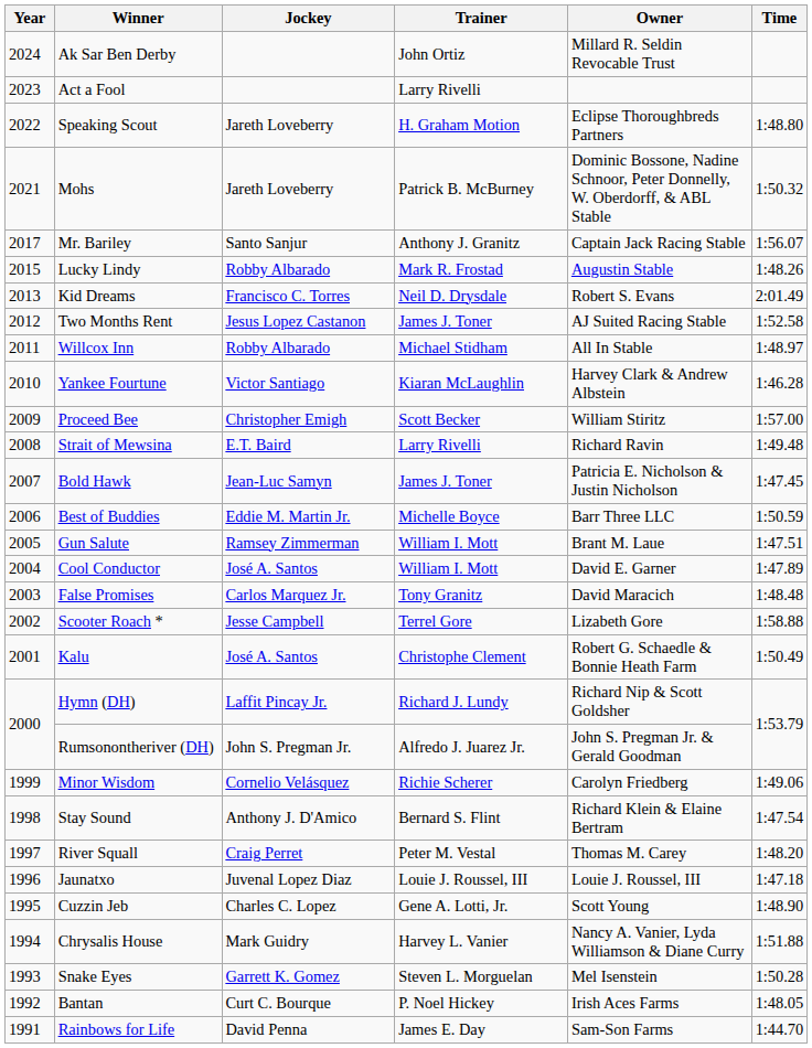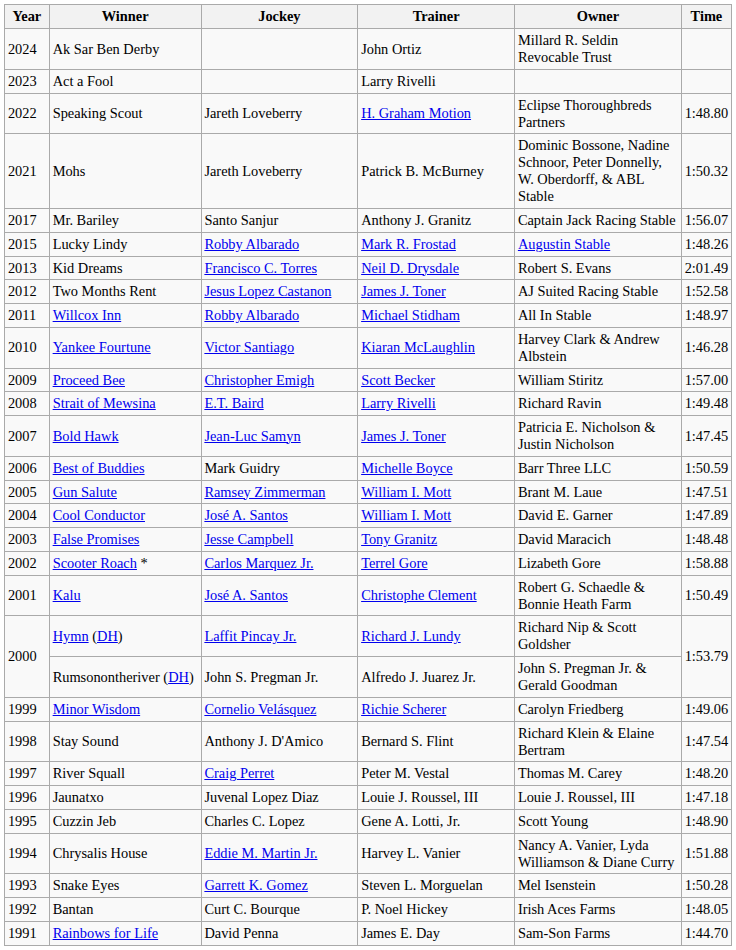 <table class="wikitable sortable" style="font-size:90%">
 <tr>
 <th style="width:38px">Year<br></th>
 <th style="width:145px">Winner<br></th>
 <th style="width:150px">Jockey<br></th>
 <th style="width:150px">Trainer<br></th>
 <th style="width:160px">Owner<br></th>
 <th>Time</th>
 </tr>
 <tr>
 <td>2024</td>
 <td>Ak Sar Ben Derby</td>
 <td></td>
 <td>John Ortiz</td>
 <td>Millard R. Seldin Revocable Trust</td>
 <td></td>
 </tr>
 <tr>
 <td>2023</td>
 <td>Act a Fool</td>
 <td></td>
 <td>Larry Rivelli</td>
 <td></td>
 <td></td>
 </tr>
 <tr>
 <td>2022</td>
 <td>Speaking Scout</td>
 <td>Jareth Loveberry</td>
 <td><a href='#'>H. Graham Motion</a></td>
 <td>Eclipse Thoroughbreds Partners</td>
 <td>1:48.80</td>
 </tr>
 <tr>
 <td>2021</td>
 <td>Mohs</td>
 <td>Jareth Loveberry</td>
 <td>Patrick B. McBurney</td>
 <td>Dominic Bossone, Nadine Schnoor, Peter Donnelly, W. Oberdorff, & ABL Stable</td>
 <td>1:50.32</td>
 </tr>
 <tr>
 <td>2017</td>
 <td>Mr. Bariley</td>
 <td>Santo Sanjur</td>
 <td>Anthony J. Granitz</td>
 <td>Captain Jack Racing Stable</td>
 <td>1:56.07</td>
 </tr>
 <tr>
 <td>2015</td>
 <td>Lucky Lindy</td>
 <td><a href='#'>Robby Albarado</a></td>
 <td><a href='#'>Mark R. Frostad</a></td>
 <td><a href='#'>Augustin Stable</a></td>
 <td>1:48.26</td>
 </tr>
 <tr>
 <td>2013</td>
 <td>Kid Dreams</td>
 <td><a href='#'>Francisco C. Torres</a></td>
 <td><a href='#'>Neil D. Drysdale</a></td>
 <td>Robert S. Evans</td>
 <td>2:01.49</td>
 </tr>
 <tr>
 <td>2012</td>
 <td>Two Months Rent</td>
 <td><a href='#'>Jesus Lopez Castanon</a></td>
 <td><a href='#'>James J. Toner</a></td>
 <td>AJ Suited Racing Stable</td>
 <td>1:52.58</td>
 </tr>
 <tr>
 <td>2011</td>
 <td><a href='#'>Willcox Inn</a></td>
 <td><a href='#'>Robby Albarado</a></td>
 <td><a href='#'>Michael Stidham</a></td>
 <td>All In Stable</td>
 <td>1:48.97</td>
 </tr>
 <tr>
 <td>2010</td>
 <td><a href='#'>Yankee Fourtune</a></td>
 <td><a href='#'>Victor Santiago</a></td>
 <td><a href='#'>Kiaran McLaughlin</a></td>
 <td>Harvey Clark & Andrew Albstein</td>
 <td>1:46.28</td>
 </tr>
 <tr>
 <td>2009</td>
 <td><a href='#'>Proceed Bee</a></td>
 <td><a href='#'>Christopher Emigh</a></td>
 <td><a href='#'>Scott Becker</a></td>
 <td>William Stiritz</td>
 <td>1:57.00</td>
 </tr>
 <tr>
 <td>2008</td>
 <td><a href='#'>Strait of Mewsina</a></td>
 <td><a href='#'>E.T. Baird</a></td>
 <td><a href='#'>Larry Rivelli</a></td>
 <td>Richard Ravin</td>
 <td>1:49.48</td>
 </tr>
 <tr>
 <td>2007</td>
 <td><a href='#'>Bold Hawk</a></td>
 <td><a href='#'>Jean-Luc Samyn</a></td>
 <td><a href='#'>James J. Toner</a></td>
 <td>Patricia E. Nicholson & Justin Nicholson</td>
 <td>1:47.45</td>
 </tr>
 <tr>
 <td>2006</td>
 <td><a href='#'>Best of Buddies</a></td>
-<td><a href='#'>Eddie M. Martin Jr.</a></td>
+<td>Mark Guidry</td>
 <td><a href='#'>Michelle Boyce</a></td>
 <td>Barr Three LLC</td>
 <td>1:50.59</td>
 </tr>
 <tr>
 <td>2005</td>
 <td><a href='#'>Gun Salute</a></td>
 <td><a href='#'>Ramsey Zimmerman</a></td>
 <td><a href='#'>William I. Mott</a></td>
 <td>Brant M. Laue</td>
 <td>1:47.51</td>
 </tr>
 <tr>
 <td>2004</td>
 <td><a href='#'>Cool Conductor</a></td>
 <td><a href='#'>José A. Santos</a></td>
 <td><a href='#'>William I. Mott</a></td>
 <td>David E. Garner</td>
 <td>1:47.89</td>
 </tr>
 <tr>
 <td>2003</td>
 <td><a href='#'>False Promises</a></td>
-<td><a href='#'>Carlos Marquez Jr.</a></td>
+<td><a href='#'>Jesse Campbell</a></td>
 <td><a href='#'>Tony Granitz</a></td>
 <td>David Maracich</td>
 <td>1:48.48</td>
 </tr>
 <tr>
 <td>2002</td>
 <td><a href='#'>Scooter Roach</a> *</td>
-<td><a href='#'>Jesse Campbell</a></td>
+<td><a href='#'>Carlos Marquez Jr.</a></td>
 <td><a href='#'>Terrel Gore</a></td>
 <td>Lizabeth Gore</td>
 <td>1:58.88</td>
 </tr>
 <tr>
 <td>2001</td>
 <td><a href='#'>Kalu</a></td>
 <td><a href='#'>José A. Santos</a></td>
 <td><a href='#'>Christophe Clement</a></td>
 <td>Robert G. Schaedle & Bonnie Heath Farm</td>
 <td>1:50.49</td>
 </tr>
 <tr>
 <td rowspan="2">2000</td>
 <td><a href='#'>Hymn</a> (<a href='#'>DH</a>)</td>
 <td><a href='#'>Laffit Pincay Jr.</a></td>
 <td><a href='#'>Richard J. Lundy</a></td>
 <td>Richard Nip & Scott Goldsher</td>
 <td rowspan="2">1:53.79</td>
 </tr>
 <tr>
 <td>Rumsonontheriver (<a href='#'>DH</a>)</td>
 <td>John S. Pregman Jr.</td>
 <td>Alfredo J. Juarez Jr.</td>
 <td>John S. Pregman Jr. & Gerald Goodman</td>
 </tr>
 <tr>
 <td>1999</td>
 <td><a href='#'>Minor Wisdom</a></td>
 <td><a href='#'>Cornelio Velásquez</a></td>
 <td><a href='#'>Richie Scherer</a></td>
 <td>Carolyn Friedberg</td>
 <td>1:49.06</td>
 </tr>
 <tr>
 <td>1998</td>
 <td>Stay Sound</td>
 <td>Anthony J. D'Amico</td>
 <td>Bernard S. Flint</td>
 <td>Richard Klein & Elaine Bertram</td>
 <td>1:47.54</td>
 </tr>
 <tr>
 <td>1997</td>
 <td>River Squall</td>
 <td><a href='#'>Craig Perret</a></td>
 <td>Peter M. Vestal</td>
 <td>Thomas M. Carey</td>
 <td>1:48.20</td>
 </tr>
 <tr>
 <td>1996</td>
 <td>Jaunatxo</td>
 <td>Juvenal Lopez Diaz</td>
 <td>Louie J. Roussel, III</td>
 <td>Louie J. Roussel, III</td>
 <td>1:47.18</td>
 </tr>
 <tr>
 <td>1995</td>
 <td>Cuzzin Jeb</td>
 <td>Charles C. Lopez</td>
 <td>Gene A. Lotti, Jr.</td>
 <td>Scott Young</td>
 <td>1:48.90</td>
 </tr>
 <tr>
 <td>1994</td>
 <td>Chrysalis House</td>
-<td>Mark Guidry</td>
+<td><a href='#'>Eddie M. Martin Jr.</a></td>
 <td>Harvey L. Vanier</td>
 <td>Nancy A. Vanier, Lyda Williamson & Diane Curry</td>
 <td>1:51.88</td>
 </tr>
 <tr>
 <td>1993</td>
 <td>Snake Eyes</td>
 <td><a href='#'>Garrett K. Gomez</a></td>
 <td>Steven L. Morguelan</td>
 <td>Mel Isenstein</td>
 <td>1:50.28</td>
 </tr>
 <tr>
 <td>1992</td>
 <td>Bantan</td>
 <td>Curt C. Bourque</td>
 <td>P. Noel Hickey</td>
 <td>Irish Aces Farms</td>
 <td>1:48.05</td>
 </tr>
 <tr>
 <td>1991</td>
 <td><a href='#'>Rainbows for Life</a></td>
 <td>David Penna</td>
 <td>James E. Day</td>
 <td>Sam-Son Farms</td>
 <td>1:44.70</td>
 </tr>
 </table>
